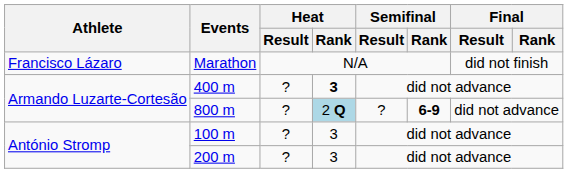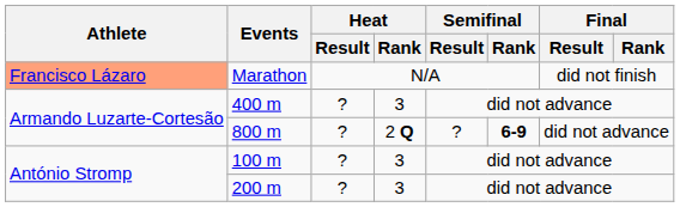 <table class=wikitable style="font-size:90%">
 <tr>
 <th rowspan="2">Athlete</th>
 <th rowspan="2">Events</th>
 <th colspan="2">Heat</th>
 <th colspan="2">Semifinal</th>
 <th colspan="2">Final</th>
 </tr>
 <tr>
 <th>Result</th>
 <th>Rank</th>
 <th>Result</th>
 <th>Rank</th>
 <th>Result</th>
 <th>Rank</th>
 </tr>
 <tr>
-<td><a href='#'>Francisco Lázaro</a></td>
+<td style="background: lightsalmon;"><a href='#'>Francisco Lázaro</a></td>
 <td><a href='#'>Marathon</a></td>
 <td align=center colspan=4>N/A</td>
 <td align=center colspan=2>did not finish</td>
 </tr>
 <tr>
 <td rowspan=2><a href='#'>Armando Luzarte-Cortesão</a></td>
 <td><a href='#'>400 m</a></td>
 <td align=center>?</td>
-<td align=center><strong>3</strong></td>
+<td align=center>3</td>
 <td align=center colspan=4>did not advance</td>
 </tr>
 <tr>
 <td><a href='#'>800 m</a></td>
 <td align=center>?</td>
-<td align=center style="background: lightblue;">2 <strong>Q</strong></td>
+<td align=center>2 <strong>Q</strong></td>
 <td align=center>?</td>
 <td align=center><strong>6-9</strong></td>
 <td align=center colspan=2>did not advance</td>
 </tr>
 <tr>
 <td rowspan=2><a href='#'>António Stromp</a></td>
 <td><a href='#'>100 m</a></td>
 <td align=center>?</td>
 <td align=center>3</td>
 <td align=center colspan=4>did not advance</td>
 </tr>
 <tr>
 <td><a href='#'>200 m</a></td>
 <td align=center>?</td>
 <td align=center>3</td>
 <td align=center colspan=4>did not advance</td>
 </tr>
 </table>
